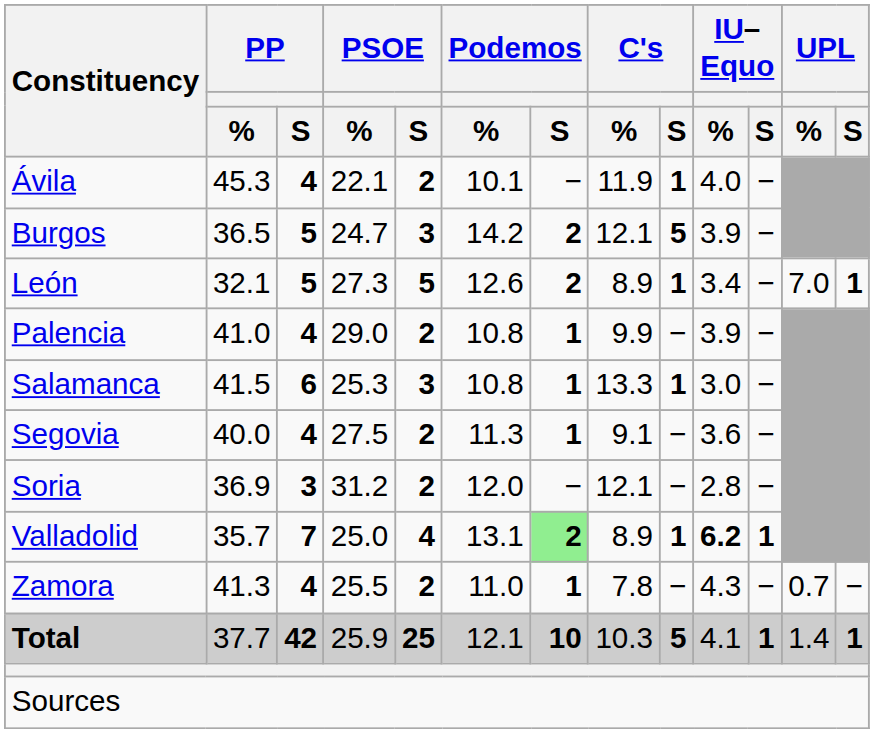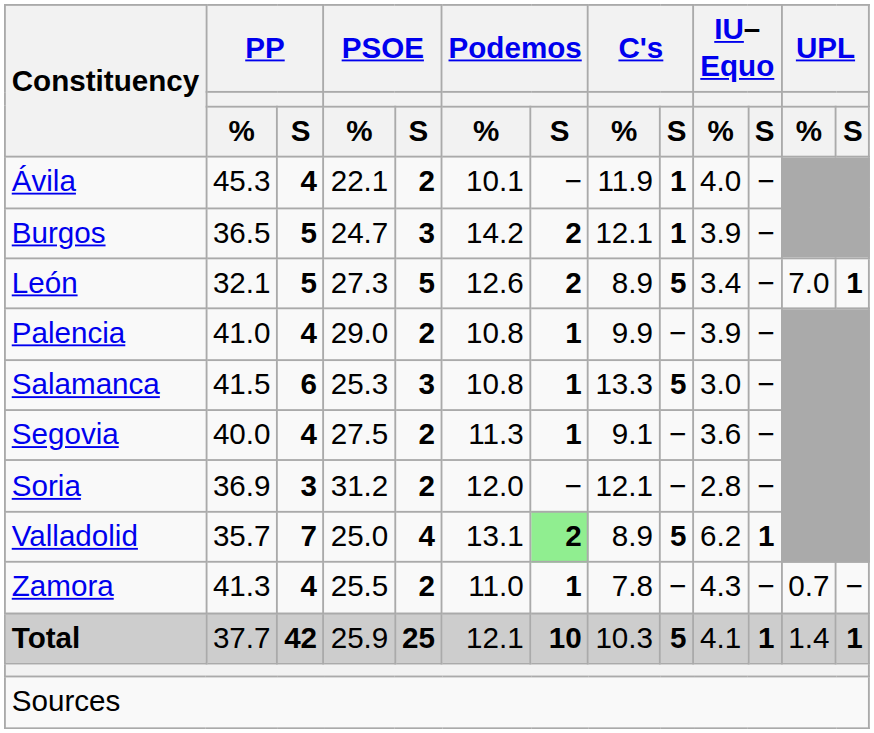 <table class="wikitable sortable" style="text-align:right; line-height:20px;">
 <tr>
 <th rowspan="3">Constituency</th>
 <th colspan="2" width="30px" class="unsortable"><a href='#'>PP</a></th>
 <th colspan="2" width="30px" class="unsortable"><a href='#'>PSOE</a></th>
 <th colspan="2" width="30px" class="unsortable"><a href='#'>Podemos</a></th>
 <th colspan="2" width="30px" class="unsortable"><a href='#'>C's</a></th>
 <th colspan="2" width="30px" class="unsortable"><a href='#'>IU</a>–<a href='#'>Equo</a></th>
 <th colspan="2" width="30px" class="unsortable"><a href='#'>UPL</a></th>
 </tr>
 <tr>
 <th colspan="2" style="background:"></th>
 <th colspan="2" style="background:"></th>
 <th colspan="2" style="background:"></th>
 <th colspan="2" style="background:"></th>
 <th colspan="2" style="background:"></th>
 <th colspan="2" style="background:"></th>
 </tr>
 <tr>
 <th data-sort-type="number">%</th>
 <th data-sort-type="number">S</th>
 <th data-sort-type="number">%</th>
 <th data-sort-type="number">S</th>
 <th data-sort-type="number">%</th>
 <th data-sort-type="number">S</th>
 <th data-sort-type="number">%</th>
 <th data-sort-type="number">S</th>
 <th data-sort-type="number">%</th>
 <th data-sort-type="number">S</th>
 <th data-sort-type="number">%</th>
 <th data-sort-type="number">S</th>
 </tr>
 <tr>
 <td align="left"><a href='#'>Ávila</a></td>
 <td style="background:">45.3</td>
 <td><strong>4</strong></td>
 <td>22.1</td>
 <td><strong>2</strong></td>
 <td>10.1</td>
 <td>−</td>
 <td>11.9</td>
 <td><strong>1</strong></td>
 <td>4.0</td>
 <td>−</td>
 <td colspan="2" rowspan="2" bgcolor="#AAAAAA"></td>
 </tr>
 <tr>
 <td align="left"><a href='#'>Burgos</a></td>
 <td style="background:">36.5</td>
 <td><strong>5</strong></td>
 <td>24.7</td>
 <td><strong>3</strong></td>
 <td>14.2</td>
 <td><strong>2</strong></td>
 <td>12.1</td>
-<td><strong>5</strong></td>
+<td><strong>1</strong></td>
 <td>3.9</td>
 <td>−</td>
 </tr>
 <tr>
 <td align="left"><a href='#'>León</a></td>
 <td style="background:">32.1</td>
 <td><strong>5</strong></td>
 <td>27.3</td>
 <td><strong>5</strong></td>
 <td>12.6</td>
 <td><strong>2</strong></td>
 <td>8.9</td>
-<td><strong>1</strong></td>
+<td><strong>5</strong></td>
 <td>3.4</td>
 <td>−</td>
 <td>7.0</td>
 <td><strong>1</strong></td>
 </tr>
 <tr>
 <td align="left"><a href='#'>Palencia</a></td>
 <td style="background:">41.0</td>
 <td><strong>4</strong></td>
 <td>29.0</td>
 <td><strong>2</strong></td>
 <td>10.8</td>
 <td><strong>1</strong></td>
 <td>9.9</td>
 <td>−</td>
 <td>3.9</td>
 <td>−</td>
 <td colspan="2" rowspan="5" bgcolor="#AAAAAA"></td>
 </tr>
 <tr>
 <td align="left"><a href='#'>Salamanca</a></td>
 <td style="background:">41.5</td>
 <td><strong>6</strong></td>
 <td>25.3</td>
 <td><strong>3</strong></td>
 <td>10.8</td>
 <td><strong>1</strong></td>
 <td>13.3</td>
-<td><strong>1</strong></td>
+<td><strong>5</strong></td>
 <td>3.0</td>
 <td>−</td>
 </tr>
 <tr>
 <td align="left"><a href='#'>Segovia</a></td>
 <td style="background:">40.0</td>
 <td><strong>4</strong></td>
 <td>27.5</td>
 <td><strong>2</strong></td>
 <td>11.3</td>
 <td><strong>1</strong></td>
 <td>9.1</td>
 <td>−</td>
 <td>3.6</td>
 <td>−</td>
 </tr>
 <tr>
 <td align="left"><a href='#'>Soria</a></td>
 <td style="background:">36.9</td>
 <td><strong>3</strong></td>
 <td>31.2</td>
 <td><strong>2</strong></td>
 <td>12.0</td>
 <td>−</td>
 <td>12.1</td>
 <td>−</td>
 <td>2.8</td>
 <td>−</td>
 </tr>
 <tr>
 <td align="left"><a href='#'>Valladolid</a></td>
 <td style="background:">35.7</td>
 <td><strong>7</strong></td>
 <td>25.0</td>
 <td><strong>4</strong></td>
 <td>13.1</td>
 <td style="background: lightgreen;"><strong>2</strong></td>
 <td>8.9</td>
-<td><strong>1</strong></td>
-<td><strong>6.2</strong></td>
+<td><strong>5</strong></td>
+<td>6.2</td>
 <td><strong>1</strong></td>
 </tr>
 <tr>
 <td align="left"><a href='#'>Zamora</a></td>
 <td style="background:">41.3</td>
 <td><strong>4</strong></td>
 <td>25.5</td>
 <td><strong>2</strong></td>
 <td>11.0</td>
 <td><strong>1</strong></td>
 <td>7.8</td>
 <td>−</td>
 <td>4.3</td>
 <td>−</td>
 <td>0.7</td>
 <td>−</td>
 </tr>
 <tr style="background:#CDCDCD;">
 <td align="left"><strong>Total</strong></td>
 <td style="background:">37.7</td>
 <td><strong>42</strong></td>
 <td>25.9</td>
 <td><strong>25</strong></td>
 <td>12.1</td>
 <td><strong>10</strong></td>
 <td>10.3</td>
 <td><strong>5</strong></td>
 <td>4.1</td>
 <td><strong>1</strong></td>
 <td>1.4</td>
 <td><strong>1</strong></td>
 </tr>
 <tr>
 <th colspan="13"></th>
 </tr>
 <tr>
 <th style="text-align:left; font-weight:normal; background:#F9F9F9" colspan="13">Sources</th>
 </tr>
 </table>
